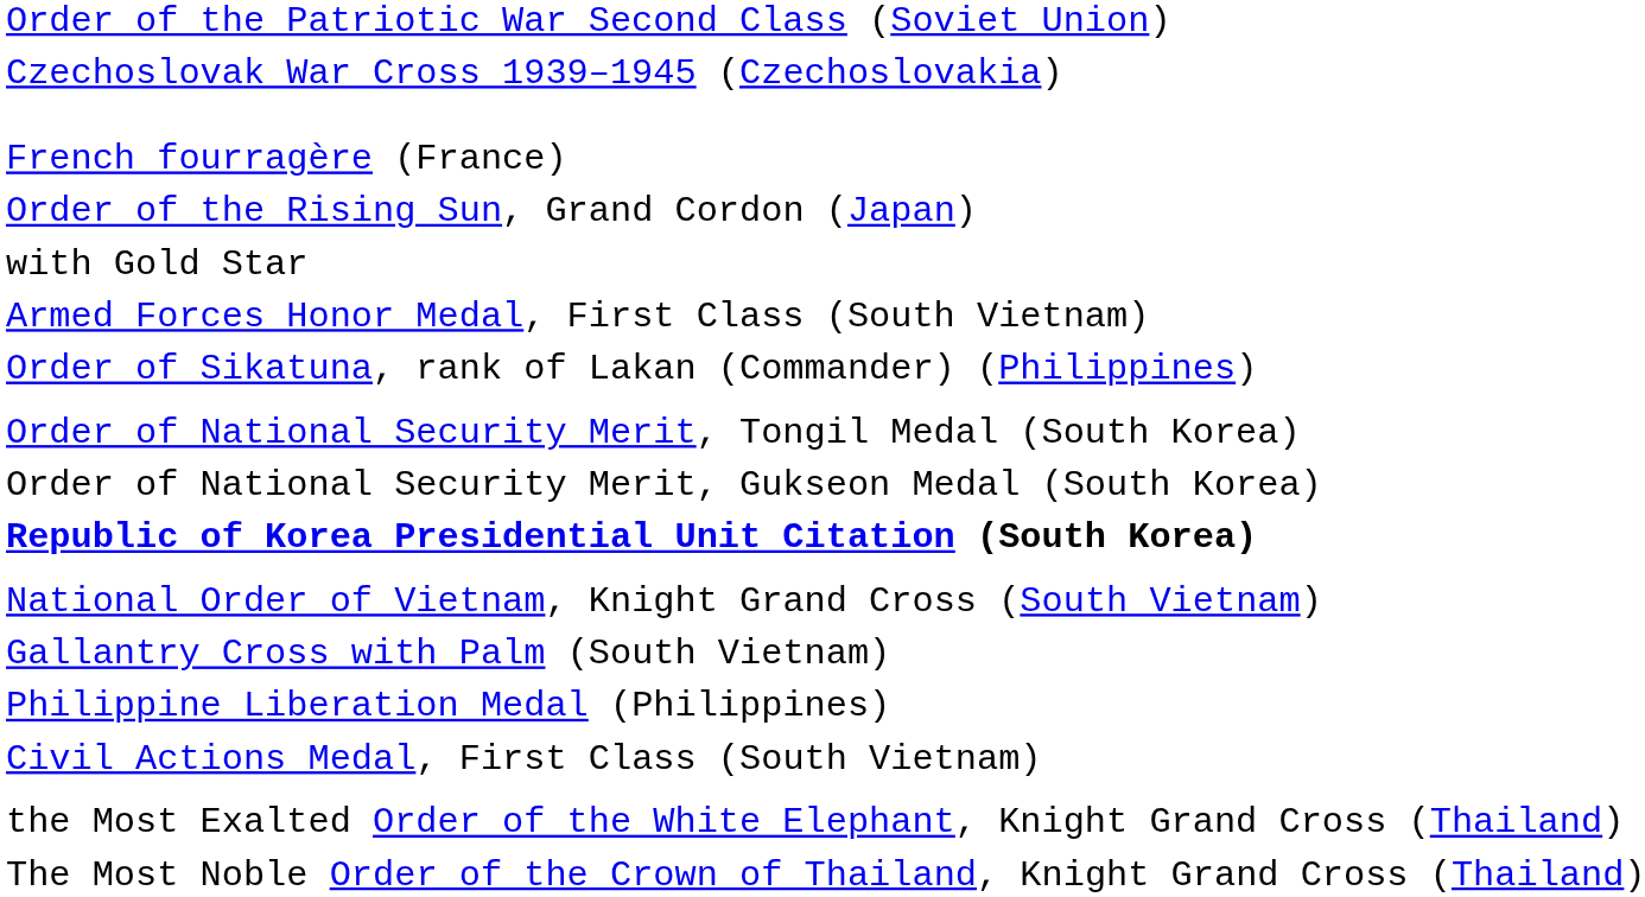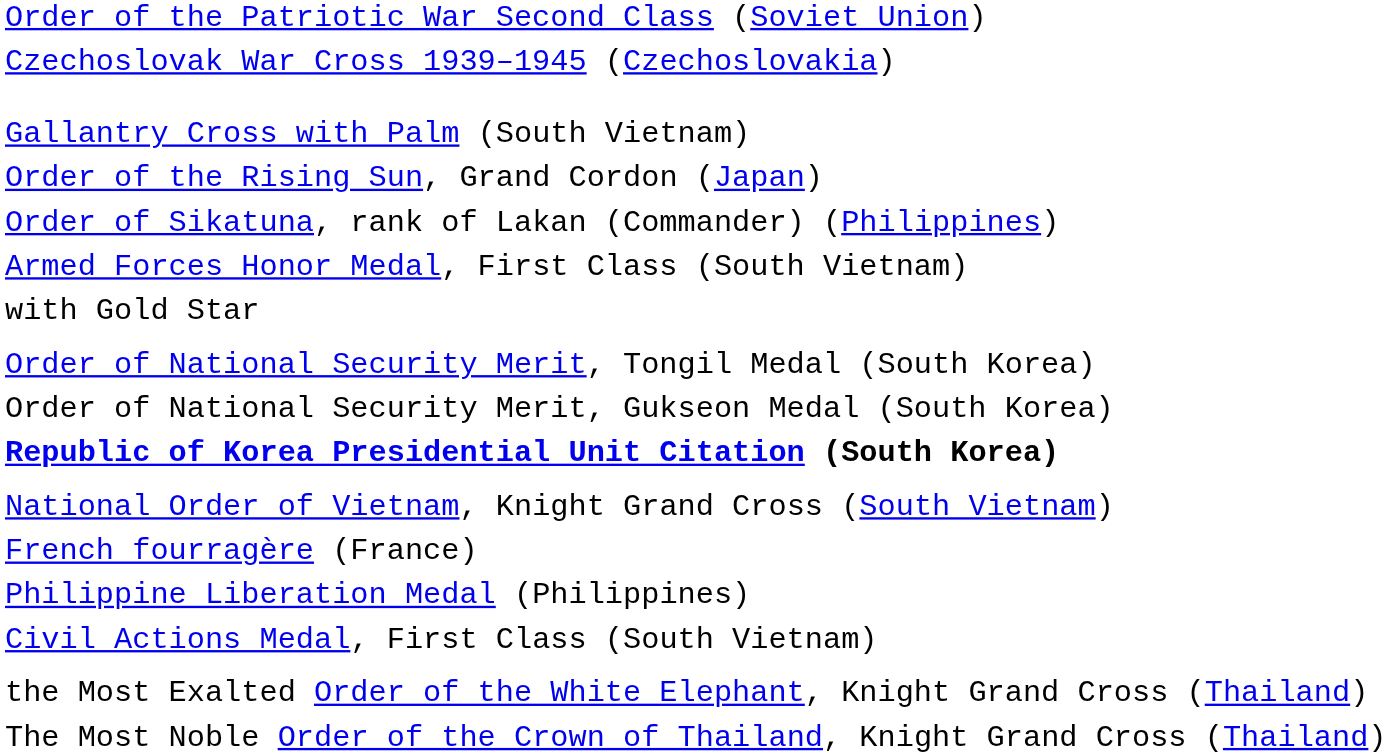 <table>
 <tr>
 <td> <a href='#'>Order of the Patriotic War Second Class</a> (<a href='#'>Soviet Union</a>)</td>
 </tr>
 <tr>
 <td> <a href='#'>Czechoslovak War Cross 1939–1945</a> (<a href='#'>Czechoslovakia</a>)</td>
 </tr>
 <tr>
 <td></td>
 </tr>
 <tr>
 <td></td>
 </tr>
 <tr>
 <td></td>
 </tr>
 <tr>
-<td> <a href='#'>French fourragère</a> (France)</td>
+<td> <a href='#'>Gallantry Cross with Palm</a> (South Vietnam)</td>
 </tr>
 <tr>
 <td> <a href='#'>Order of the Rising Sun</a>, Grand Cordon (<a href='#'>Japan</a>)</td>
 </tr>
 <tr>
-<td> with Gold Star</td>
+<td> <a href='#'>Order of Sikatuna</a>, rank of Lakan (Commander) (<a href='#'>Philippines</a>)</td>
 </tr>
 <tr>
 <td> <a href='#'>Armed Forces Honor Medal</a>, First Class (South Vietnam)</td>
 </tr>
 <tr>
-<td> <a href='#'>Order of Sikatuna</a>, rank of Lakan (Commander) (<a href='#'>Philippines</a>)</td>
+<td> with Gold Star</td>
 </tr>
 <tr>
 <td></td>
 </tr>
 <tr>
 <td> <a href='#'>Order of National Security Merit</a>, Tongil Medal (South Korea)</td>
 </tr>
 <tr>
 <td> Order of National Security Merit, Gukseon Medal (South Korea)</td>
 </tr>
 <tr>
 <td><strong> <a href='#'>Republic of Korea Presidential Unit Citation</a> (South Korea)</strong></td>
 </tr>
 <tr>
 <td></td>
 </tr>
 <tr>
 <td> <a href='#'>National Order of Vietnam</a>, Knight Grand Cross (<a href='#'>South Vietnam</a>)</td>
 </tr>
 <tr>
-<td> <a href='#'>Gallantry Cross with Palm</a> (South Vietnam)</td>
+<td> <a href='#'>French fourragère</a> (France)</td>
 </tr>
 <tr>
 <td> <a href='#'>Philippine Liberation Medal</a> (Philippines)</td>
 </tr>
 <tr>
 <td> <a href='#'>Civil Actions Medal</a>, First Class (South Vietnam)</td>
 </tr>
 <tr>
 <td></td>
 </tr>
 <tr>
 <td> the Most Exalted <a href='#'>Order of the White Elephant</a>, Knight Grand Cross (<a href='#'>Thailand</a>)</td>
 </tr>
 <tr>
 <td> The Most Noble <a href='#'>Order of the Crown of Thailand</a>, Knight Grand Cross (<a href='#'>Thailand</a>)</td>
 </tr>
 <tr>
 <td></td>
 </tr>
 <tr>
 <td></td>
 </tr>
 <tr>
 </tr>
 </table>
